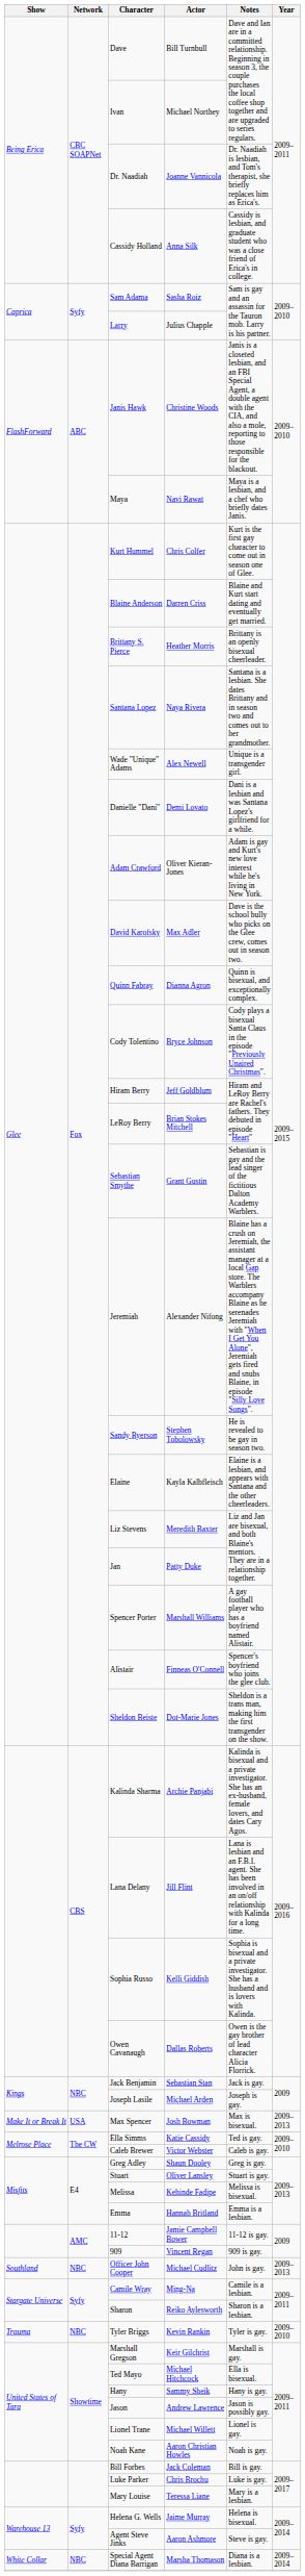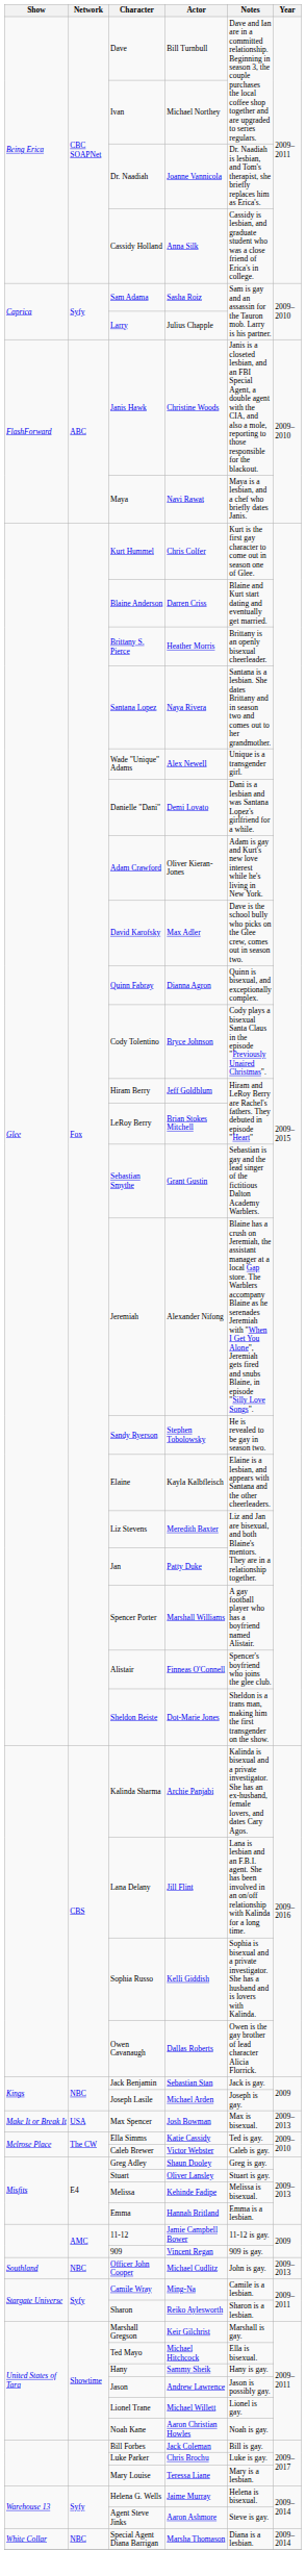 <table class="sortable wikitable" style="margins:auto; width=100%;">
 <tr>
 <th style="width:200px;">Show</th>
 <th style="width:100px;">Network</th>
 <th style="width:200px;">Character</th>
 <th style="width:225px;">Actor</th>
 <th>Notes</th>
 <th style="width:75px;">Year</th>
 </tr>
 <tr>
 <td rowspan="4"><em><a href='#'>Being Erica</a></em></td>
 <td rowspan="4"><a href='#'>CBC</a><br><a href='#'>SOAPNet</a></td>
 <td>Dave</td>
 <td>Bill Turnbull</td>
 <td rowspan="2">Dave and Ian are in a committed relationship. Beginning in season 3, the couple purchases the local coffee shop together and are upgraded to series regulars.</td>
 <td rowspan="4">2009–2011</td>
 </tr>
 <tr>
 <td>Ivan</td>
 <td>Michael Northey</td>
 </tr>
 <tr>
 <td>Dr. Naadiah</td>
 <td><a href='#'>Joanne Vannicola</a></td>
 <td>Dr. Naadiah is lesbian, and Tom's therapist, she briefly replaces him as Erica's.</td>
 </tr>
 <tr>
 <td>Cassidy Holland</td>
 <td><a href='#'>Anna Silk</a></td>
 <td>Cassidy is lesbian, and graduate student who was a close friend of Erica's in college.</td>
 </tr>
 <tr>
 <td rowspan="2"><em><a href='#'>Caprica</a></em></td>
 <td rowspan="2"><a href='#'>Syfy</a></td>
 <td><a href='#'>Sam Adama</a></td>
 <td><a href='#'>Sasha Roiz</a></td>
 <td rowspan="2">Sam is gay and an assassin for the Tauron mob. Larry is his partner.</td>
 <td rowspan="2">2009–2010</td>
 </tr>
 <tr>
 <td><a href='#'>Larry</a></td>
 <td>Julius Chapple</td>
 </tr>
 <tr>
 <td rowspan="2"><em><a href='#'>FlashForward</a></em></td>
 <td rowspan="2"><a href='#'>ABC</a></td>
 <td><a href='#'>Janis Hawk</a></td>
 <td><a href='#'>Christine Woods</a></td>
 <td>Janis is a closeted lesbian, and an FBI Special Agent, a double agent with the CIA, and also a mole, reporting to those responsible for the blackout.</td>
 <td rowspan="2">2009–2010</td>
 </tr>
 <tr>
 <td>Maya</td>
 <td><a href='#'>Navi Rawat</a></td>
 <td>Maya is a lesbian, and a chef who briefly dates Janis.</td>
 </tr>
 <tr>
 <td rowspan="21"><em><a href='#'>Glee</a></em></td>
 <td rowspan="21"><a href='#'>Fox</a></td>
 <td><a href='#'>Kurt Hummel</a></td>
 <td><a href='#'>Chris Colfer</a></td>
 <td>Kurt is the first gay character to come out in season one of Glee.</td>
 <td rowspan="21">2009–2015</td>
 </tr>
 <tr>
 <td><a href='#'>Blaine Anderson</a></td>
 <td><a href='#'>Darren Criss</a></td>
 <td>Blaine and Kurt start dating and eventually get married.</td>
 </tr>
 <tr>
 <td><a href='#'>Brittany S. Pierce</a></td>
 <td><a href='#'>Heather Morris</a></td>
 <td>Brittany is an openly bisexual cheerleader.</td>
 </tr>
 <tr>
 <td><a href='#'>Santana Lopez</a></td>
 <td><a href='#'>Naya Rivera</a></td>
 <td>Santana is a lesbian. She dates Brittany and in season two and comes out to her grandmother.</td>
 </tr>
 <tr>
 <td>Wade "Unique" Adams</td>
 <td><a href='#'>Alex Newell</a></td>
 <td>Unique is a transgender girl.</td>
 </tr>
 <tr>
 <td>Danielle "Dani"</td>
 <td><a href='#'>Demi Lovato</a></td>
 <td>Dani is a lesbian and was Santana Lopez's girlfriend for a while.</td>
 </tr>
 <tr>
 <td><a href='#'>Adam Crawford</a></td>
 <td>Oliver Kieran-Jones</td>
 <td>Adam is gay and Kurt's new love interest while he's living in New York.</td>
 </tr>
 <tr>
 <td><a href='#'>David Karofsky</a></td>
 <td><a href='#'>Max Adler</a></td>
 <td>Dave is the school bully who picks on the Glee crew, comes out in season two.</td>
 </tr>
 <tr>
 <td><a href='#'>Quinn Fabray</a></td>
 <td><a href='#'>Dianna Agron</a></td>
 <td>Quinn is bisexual, and exceptionally complex.</td>
 </tr>
 <tr>
 <td>Cody Tolentino</td>
 <td><a href='#'>Bryce Johnson</a></td>
 <td>Cody plays a bisexual Santa Claus in the episode "<a href='#'>Previously Unaired Christmas</a>".</td>
 </tr>
 <tr>
 <td>Hiram Berry</td>
 <td><a href='#'>Jeff Goldblum</a></td>
 <td rowspan="2">Hiram and LeRoy Berry are Rachel's fathers. They debuted in episode "<a href='#'>Heart</a>"</td>
 </tr>
 <tr>
 <td>LeRoy Berry</td>
 <td><a href='#'>Brian Stokes Mitchell</a></td>
 </tr>
 <tr>
 <td><a href='#'>Sebastian Smythe</a></td>
 <td><a href='#'>Grant Gustin</a></td>
 <td>Sebastian is gay and the lead singer of the fictitious Dalton Academy Warblers.</td>
 </tr>
 <tr>
 <td>Jeremiah</td>
 <td>Alexander Nifong</td>
 <td>Blaine has a crush on Jeremiah, the assistant manager at a local <a href='#'>Gap</a> store. The Warblers accompany Blaine as he serenades Jeremiah with "<a href='#'>When I Get You Alone</a>", Jeremiah gets fired and snubs Blaine, in episode "<a href='#'>Silly Love Songs</a>".</td>
 </tr>
 <tr>
 <td><a href='#'>Sandy Ryerson</a></td>
 <td><a href='#'>Stephen Tobolowsky</a></td>
 <td>He is revealed to be gay in season two.</td>
 </tr>
 <tr>
 <td>Elaine</td>
 <td>Kayla Kalbfleisch</td>
 <td>Elaine is a lesbian, and appears with Santana and the other cheerleaders.</td>
 </tr>
 <tr>
 <td>Liz Stevens</td>
 <td><a href='#'>Meredith Baxter</a></td>
 <td rowspan="2">Liz and Jan are bisexual, and both Blaine's mentors. They are in a relationship together.</td>
 </tr>
 <tr>
 <td>Jan</td>
 <td><a href='#'>Patty Duke</a></td>
 </tr>
 <tr>
 <td>Spencer Porter</td>
 <td><a href='#'>Marshall Williams</a></td>
 <td>A gay football player who has a boyfriend named Alistair.</td>
 </tr>
 <tr>
 <td>Alistair</td>
 <td><a href='#'>Finneas O'Connell</a></td>
 <td>Spencer's boyfriend who joins the glee club.</td>
 </tr>
 <tr>
 <td><a href='#'>Sheldon Beiste</a></td>
 <td><a href='#'>Dot-Marie Jones</a></td>
 <td>Sheldon is a trans man, making him the first transgender on the show.</td>
 </tr>
 <tr>
 <td rowspan="4"><em></em></td>
 <td rowspan="4"><a href='#'>CBS</a></td>
 <td>Kalinda Sharma</td>
 <td><a href='#'>Archie Panjabi</a></td>
 <td>Kalinda is bisexual and a private investigator. She has an ex-husband, female lovers, and dates Cary Agos.</td>
 <td rowspan="4">2009–2016</td>
 </tr>
 <tr>
 <td>Lana Delany</td>
 <td><a href='#'>Jill Flint</a></td>
 <td>Lana is lesbian and an F.B.I. agent. She has been involved in an on/off relationship with Kalinda for a long time.</td>
 </tr>
 <tr>
 <td>Sophia Russo</td>
 <td><a href='#'>Kelli Giddish</a></td>
 <td>Sophia is bisexual and a private investigator. She has a husband and is lovers with Kalinda.</td>
 </tr>
 <tr>
 <td>Owen Cavanaugh</td>
 <td><a href='#'>Dallas Roberts</a></td>
 <td>Owen is the gay brother of lead character Alicia Florrick.</td>
 </tr>
 <tr>
 <td rowspan="2"><em><a href='#'>Kings</a></em></td>
 <td rowspan="2"><a href='#'>NBC</a></td>
 <td>Jack Benjamin</td>
 <td><a href='#'>Sebastian Stan</a></td>
 <td>Jack is gay.</td>
 <td rowspan="2">2009</td>
 </tr>
 <tr>
 <td>Joseph Lasile</td>
 <td><a href='#'>Michael Arden</a></td>
 <td>Joseph is gay.</td>
 </tr>
 <tr>
 <td><em><a href='#'>Make It or Break It</a></em></td>
 <td><a href='#'>USA</a></td>
 <td>Max Spencer</td>
 <td><a href='#'>Josh Bowman</a></td>
 <td>Max is bisexual.</td>
 <td>2009–2013</td>
 </tr>
 <tr>
 <td rowspan="2"><em><a href='#'>Melrose Place</a></em></td>
 <td rowspan="2"><a href='#'>The CW</a></td>
 <td>Ella Simms</td>
 <td><a href='#'>Katie Cassidy</a></td>
 <td>Ted is gay.</td>
 <td rowspan="2">2009–2010</td>
 </tr>
 <tr>
 <td>Caleb Brewer</td>
 <td><a href='#'>Victor Webster</a></td>
 <td>Caleb is gay.</td>
 </tr>
 <tr>
 <td rowspan="4"><em><a href='#'>Misfits</a></em></td>
 <td rowspan="4">E4</td>
 <td>Greg Adley</td>
 <td><a href='#'>Shaun Dooley</a></td>
 <td>Greg is gay.</td>
 <td rowspan="4">2009–2013</td>
 </tr>
 <tr>
 <td>Stuart</td>
 <td><a href='#'>Oliver Lansley</a></td>
 <td>Stuart is gay.</td>
 </tr>
 <tr>
 <td>Melissa</td>
 <td><a href='#'>Kehinde Fadipe</a></td>
 <td>Melissa is bisexual.</td>
 </tr>
 <tr>
 <td>Emma</td>
 <td><a href='#'>Hannah Britland</a></td>
 <td>Emma is a lesbian.</td>
 </tr>
 <tr>
 <td rowspan="2"><em></em></td>
 <td rowspan="2"><a href='#'>AMC</a></td>
 <td>11-12</td>
 <td><a href='#'>Jamie Campbell Bower</a></td>
 <td>11-12 is gay.</td>
 <td rowspan="2">2009</td>
 </tr>
 <tr>
 <td>909</td>
 <td><a href='#'>Vincent Regan</a></td>
 <td>909 is gay.</td>
 </tr>
 <tr>
 <td><em><a href='#'>Southland</a></em></td>
 <td><a href='#'>NBC</a></td>
 <td><a href='#'>Officer John Cooper</a></td>
 <td><a href='#'>Michael Cudlitz</a></td>
 <td>John is gay.</td>
 <td>2009–2013</td>
 </tr>
 <tr>
 <td rowspan="2"><em><a href='#'>Stargate Universe</a></em></td>
 <td rowspan="2"><a href='#'>Syfy</a></td>
 <td><a href='#'>Camile Wray</a></td>
 <td><a href='#'>Ming-Na</a></td>
 <td>Camile is a lesbian.</td>
 <td rowspan="2">2009–2011</td>
 </tr>
 <tr>
 <td>Sharon</td>
 <td><a href='#'>Reiko Aylesworth</a></td>
 <td>Sharon is a lesbian.</td>
 </tr>
 <tr>
-<td><em><a href='#'>Trauma</a></em></td>
-<td><a href='#'>NBC</a></td>
-<td>Tyler Briggs</td>
-<td><a href='#'>Kevin Rankin</a></td>
-<td>Tyler is gay.</td>
-<td>2009–2010</td>
-</tr>
-<tr>
 <td rowspan="6"><em><a href='#'>United States of Tara</a></em></td>
 <td rowspan="6"><a href='#'>Showtime</a></td>
 <td>Marshall Gregson</td>
 <td><a href='#'>Keir Gilchrist</a></td>
 <td>Marshall is gay.</td>
 <td rowspan="6">2009–2011</td>
 </tr>
 <tr>
 <td>Ted Mayo</td>
 <td><a href='#'>Michael Hitchcock</a></td>
 <td>Ella is bisexual.</td>
 </tr>
 <tr>
 <td>Hany</td>
 <td><a href='#'>Sammy Sheik</a></td>
 <td>Hany is gay.</td>
 </tr>
 <tr>
 <td>Jason</td>
 <td><a href='#'>Andrew Lawrence</a></td>
 <td>Jason is possibly gay.</td>
 </tr>
 <tr>
 <td>Lionel Trane</td>
 <td><a href='#'>Michael Willett</a></td>
 <td>Lionel is gay.</td>
 </tr>
 <tr>
 <td>Noah Kane</td>
 <td><a href='#'>Aaron Christian Howles</a></td>
 <td>Noah is gay.</td>
 </tr>
 <tr>
 <td rowspan="3"><em></em></td>
 <td rowspan="3"></td>
 <td>Bill Forbes</td>
 <td><a href='#'>Jack Coleman</a></td>
 <td>Bill is gay.</td>
 <td rowspan="3">2009–2017</td>
 </tr>
 <tr>
 <td>Luke Parker</td>
 <td><a href='#'>Chris Brochu</a></td>
 <td>Luke is gay.</td>
 </tr>
 <tr>
 <td>Mary Louise</td>
 <td><a href='#'>Teressa Liane</a></td>
 <td>Mary is a lesbian.</td>
 </tr>
 <tr>
 <td rowspan="2"><em><a href='#'>Warehouse 13</a></em></td>
 <td rowspan="2"><a href='#'>Syfy</a></td>
 <td>Helena G. Wells</td>
 <td><a href='#'>Jaime Murray</a></td>
 <td>Helena is bisexual.</td>
 <td rowspan="2">2009–2014</td>
 </tr>
 <tr>
 <td>Agent Steve Jinks</td>
 <td><a href='#'>Aaron Ashmore</a></td>
 <td>Steve is gay.</td>
 </tr>
 <tr>
 <td><em><a href='#'>White Collar</a></em></td>
 <td><a href='#'>NBC</a></td>
 <td>Special Agent Diana Barrigan</td>
 <td><a href='#'>Marsha Thomason</a></td>
 <td>Diana is a lesbian.</td>
 <td>2009–2014</td>
 </tr>
 <tr>
 </tr>
 </table>
